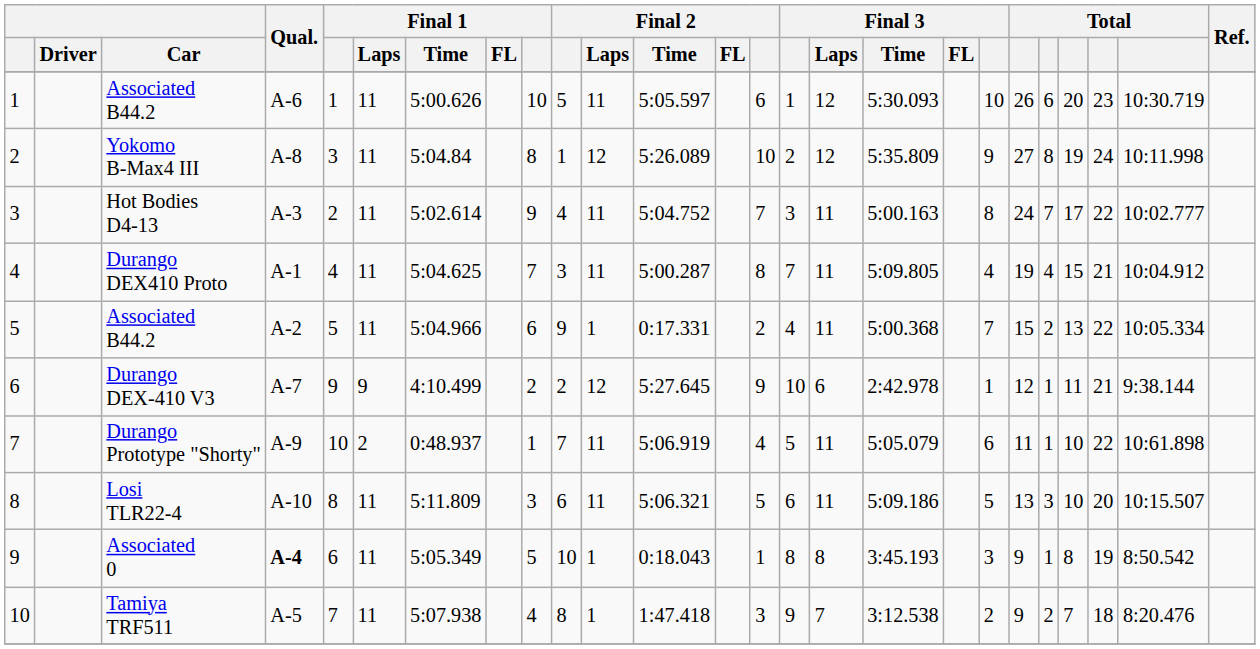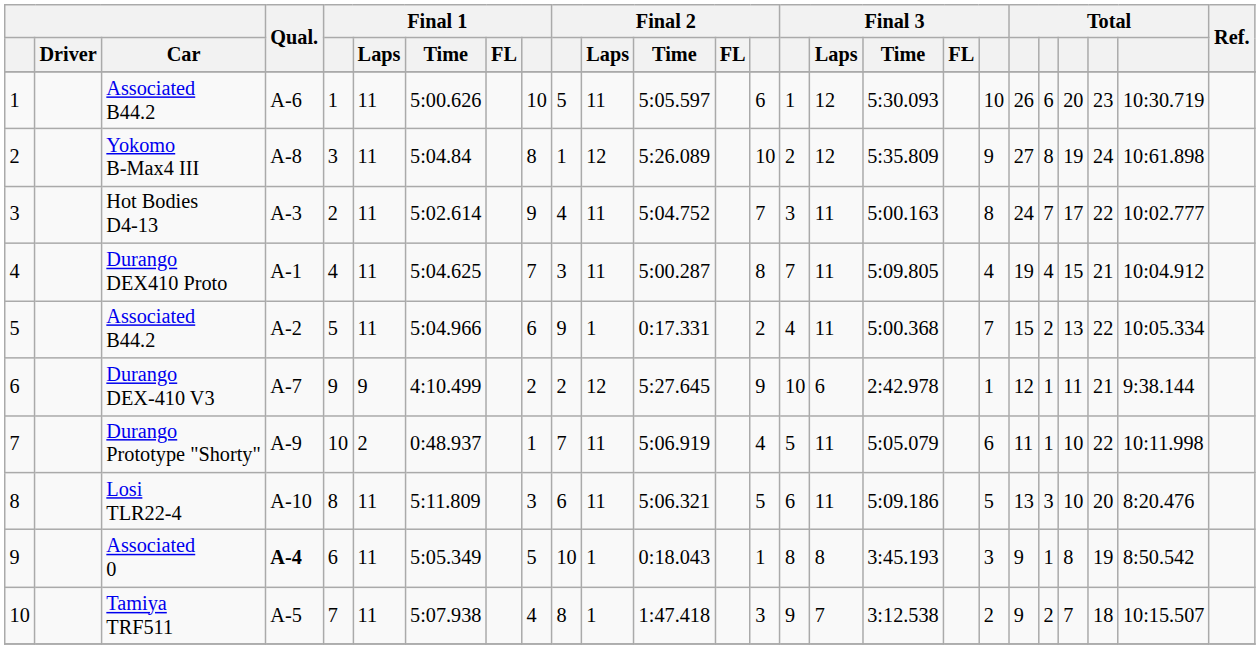 <table class="wikitable" style="font-size:85%;">
 <tr>
 <th colspan="3"></th>
 <th rowspan="2" style="text-align:center;">Qual.</th>
 <th colspan="5" style="text-align:center;">Final 1</th>
 <th colspan="5" style="text-align:center;">Final 2</th>
 <th colspan="5" style="text-align:center;">Final 3</th>
 <th colspan="5" style="text-align:center;">Total</th>
 <th rowspan="2" style="text-align:center;">Ref.</th>
 </tr>
 <tr>
 <th style="text-align:center;"></th>
 <th style="text-align:center;">Driver</th>
 <th style="text-align:center;">Car</th>
 <th style="text-align:center;"></th>
 <th style="text-align:center;">Laps</th>
 <th style="text-align:center;">Time</th>
 <th style="text-align:center;">FL</th>
 <th style="text-align:center;"></th>
 <th style="text-align:center;"></th>
 <th style="text-align:center;">Laps</th>
 <th style="text-align:center;">Time</th>
 <th style="text-align:center;">FL</th>
 <th style="text-align:center;"></th>
 <th style="text-align:center;"></th>
 <th style="text-align:center;">Laps</th>
 <th style="text-align:center;">Time</th>
 <th style="text-align:center;">FL</th>
 <th style="text-align:center;"></th>
 <th style="text-align:center;"></th>
 <th style="text-align:center;"></th>
 <th style="text-align:center;"></th>
 <th style="text-align:center;"></th>
 <th style="text-align:center;"></th>
 </tr>
 <tr>
 </tr>
 <tr>
 <td>1</td>
 <td></td>
 <td><a href='#'>Associated</a><br> B44.2</td>
 <td>A-6</td>
 <td>1</td>
 <td>11</td>
 <td>5:00.626</td>
 <td></td>
 <td>10</td>
 <td>5</td>
 <td>11</td>
 <td>5:05.597</td>
 <td></td>
 <td>6</td>
 <td>1</td>
 <td>12</td>
 <td>5:30.093</td>
 <td></td>
 <td>10</td>
 <td>26</td>
 <td>6</td>
 <td>20</td>
 <td>23</td>
 <td>10:30.719</td>
 <td><br>   </td>
 </tr>
 <tr>
 <td>2</td>
 <td></td>
 <td><a href='#'>Yokomo</a><br> B-Max4 III</td>
 <td>A-8</td>
 <td>3</td>
 <td>11</td>
 <td>5:04.84</td>
 <td></td>
 <td>8</td>
 <td>1</td>
 <td>12</td>
 <td>5:26.089</td>
 <td></td>
 <td>10</td>
 <td>2</td>
 <td>12</td>
 <td>5:35.809</td>
 <td></td>
 <td>9</td>
 <td>27</td>
 <td>8</td>
 <td>19</td>
 <td>24</td>
-<td>10:11.998</td>
+<td>10:61.898</td>
 <td><br></td>
 </tr>
 <tr>
 <td>3</td>
 <td></td>
 <td>Hot Bodies<br> D4-13</td>
 <td>A-3</td>
 <td>2</td>
 <td>11</td>
 <td>5:02.614</td>
 <td></td>
 <td>9</td>
 <td>4</td>
 <td>11</td>
 <td>5:04.752</td>
 <td></td>
 <td>7</td>
 <td>3</td>
 <td>11</td>
 <td>5:00.163</td>
 <td></td>
 <td>8</td>
 <td>24</td>
 <td>7</td>
 <td>17</td>
 <td>22</td>
 <td>10:02.777</td>
 <td></td>
 </tr>
 <tr>
 <td>4</td>
 <td></td>
 <td><a href='#'>Durango</a><br> DEX410 Proto</td>
 <td>A-1</td>
 <td>4</td>
 <td>11</td>
 <td>5:04.625</td>
 <td></td>
 <td>7</td>
 <td>3</td>
 <td>11</td>
 <td>5:00.287</td>
 <td></td>
 <td>8</td>
 <td>7</td>
 <td>11</td>
 <td>5:09.805</td>
 <td></td>
 <td>4</td>
 <td>19</td>
 <td>4</td>
 <td>15</td>
 <td>21</td>
 <td>10:04.912</td>
 <td><br></td>
 </tr>
 <tr>
 <td>5</td>
 <td></td>
 <td><a href='#'>Associated</a><br> B44.2</td>
 <td>A-2</td>
 <td>5</td>
 <td>11</td>
 <td>5:04.966</td>
 <td></td>
 <td>6</td>
 <td>9</td>
 <td>1</td>
 <td>0:17.331</td>
 <td></td>
 <td>2</td>
 <td>4</td>
 <td>11</td>
 <td>5:00.368</td>
 <td></td>
 <td>7</td>
 <td>15</td>
 <td>2</td>
 <td>13</td>
 <td>22</td>
 <td>10:05.334</td>
 <td></td>
 </tr>
 <tr>
 <td>6</td>
 <td></td>
 <td><a href='#'>Durango</a><br> DEX-410 V3</td>
 <td>A-7</td>
 <td>9</td>
 <td>9</td>
 <td>4:10.499</td>
 <td></td>
 <td>2</td>
 <td>2</td>
 <td>12</td>
 <td>5:27.645</td>
 <td></td>
 <td>9</td>
 <td>10</td>
 <td>6</td>
 <td>2:42.978</td>
 <td></td>
 <td>1</td>
 <td>12</td>
 <td>1</td>
 <td>11</td>
 <td>21</td>
 <td>9:38.144</td>
 <td></td>
 </tr>
 <tr>
 <td>7</td>
 <td></td>
 <td><a href='#'>Durango</a><br> Prototype "Shorty"</td>
 <td>A-9</td>
 <td>10</td>
 <td>2</td>
 <td>0:48.937</td>
 <td></td>
 <td>1</td>
 <td>7</td>
 <td>11</td>
 <td>5:06.919</td>
 <td></td>
 <td>4</td>
 <td>5</td>
 <td>11</td>
 <td>5:05.079</td>
 <td></td>
 <td>6</td>
 <td>11</td>
 <td>1</td>
 <td>10</td>
 <td>22</td>
-<td>10:61.898</td>
+<td>10:11.998</td>
 <td></td>
 </tr>
 <tr>
 <td>8</td>
 <td></td>
 <td><a href='#'>Losi</a><br> TLR22-4</td>
 <td>A-10</td>
 <td>8</td>
 <td>11</td>
 <td>5:11.809</td>
 <td></td>
 <td>3</td>
 <td>6</td>
 <td>11</td>
 <td>5:06.321</td>
 <td></td>
 <td>5</td>
 <td>6</td>
 <td>11</td>
 <td>5:09.186</td>
 <td></td>
 <td>5</td>
 <td>13</td>
 <td>3</td>
 <td>10</td>
 <td>20</td>
-<td>10:15.507</td>
+<td>8:20.476</td>
 <td></td>
 </tr>
 <tr>
 <td>9</td>
 <td></td>
 <td><a href='#'>Associated</a><br> 0</td>
 <td><strong>A-4</strong></td>
 <td>6</td>
 <td>11</td>
 <td>5:05.349</td>
 <td></td>
 <td>5</td>
 <td>10</td>
 <td>1</td>
 <td>0:18.043</td>
 <td></td>
 <td>1</td>
 <td>8</td>
 <td>8</td>
 <td>3:45.193</td>
 <td></td>
 <td>3</td>
 <td>9</td>
 <td>1</td>
 <td>8</td>
 <td>19</td>
 <td>8:50.542</td>
 <td></td>
 </tr>
 <tr>
 <td>10</td>
 <td></td>
 <td><a href='#'>Tamiya</a><br> TRF511</td>
 <td>A-5</td>
 <td>7</td>
 <td>11</td>
 <td>5:07.938</td>
 <td></td>
 <td>4</td>
 <td>8</td>
 <td>1</td>
 <td>1:47.418</td>
 <td></td>
 <td>3</td>
 <td>9</td>
 <td>7</td>
 <td>3:12.538</td>
 <td></td>
 <td>2</td>
 <td>9</td>
 <td>2</td>
 <td>7</td>
 <td>18</td>
-<td>8:20.476</td>
+<td>10:15.507</td>
 <td></td>
 </tr>
 <tr>
 </tr>
 </table>
